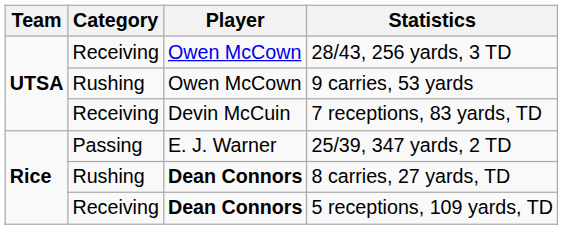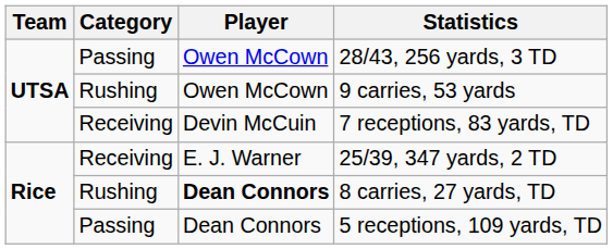 <table class="wikitable" style="float: right;">
 <tr>
 <th>Team</th>
 <th>Category</th>
 <th>Player</th>
 <th>Statistics</th>
 </tr>
 <tr>
 <td rowspan=3><strong>UTSA</strong></td>
-<td>Receiving</td>
+<td>Passing</td>
 <td><a href='#'>Owen McCown</a></td>
 <td>28/43, 256 yards, 3 TD</td>
 </tr>
 <tr>
 <td>Rushing</td>
 <td>Owen McCown</td>
 <td>9 carries, 53 yards</td>
 </tr>
 <tr>
 <td>Receiving</td>
 <td>Devin McCuin</td>
 <td>7 receptions, 83 yards, TD</td>
 </tr>
 <tr>
 <td rowspan=3><strong>Rice</strong></td>
-<td>Passing</td>
+<td>Receiving</td>
 <td>E. J. Warner</td>
 <td>25/39, 347 yards, 2 TD</td>
 </tr>
 <tr>
 <td>Rushing</td>
 <td><strong>Dean Connors</strong></td>
 <td>8 carries, 27 yards, TD</td>
 </tr>
 <tr>
-<td>Receiving</td>
-<td><strong>Dean Connors</strong></td>
+<td>Passing</td>
+<td>Dean Connors</td>
 <td>5 receptions, 109 yards, TD</td>
 </tr>
 </table>
